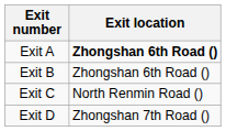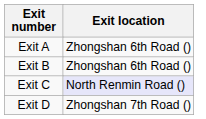 <table class="wikitable">
 <tr>
 <th style="width:70px" colspan="2">Exit number</th>
 <th>Exit location</th>
 </tr>
 <tr>
 <td align="center" colspan="2">Exit A</td>
-<td><strong>Zhongshan 6th Road ()</strong></td>
+<td>Zhongshan 6th Road ()</td>
 </tr>
 <tr>
 <td align="center" colspan="2">Exit B</td>
 <td>Zhongshan 6th Road ()</td>
 </tr>
 <tr>
 <td align="center" colspan="2">Exit C</td>
-<td>North Renmin Road ()</td>
+<td style="background: lavender;">North Renmin Road ()</td>
 </tr>
 <tr>
 <td align="center" colspan="2">Exit D</td>
 <td>Zhongshan 7th Road ()</td>
 </tr>
 </table>
